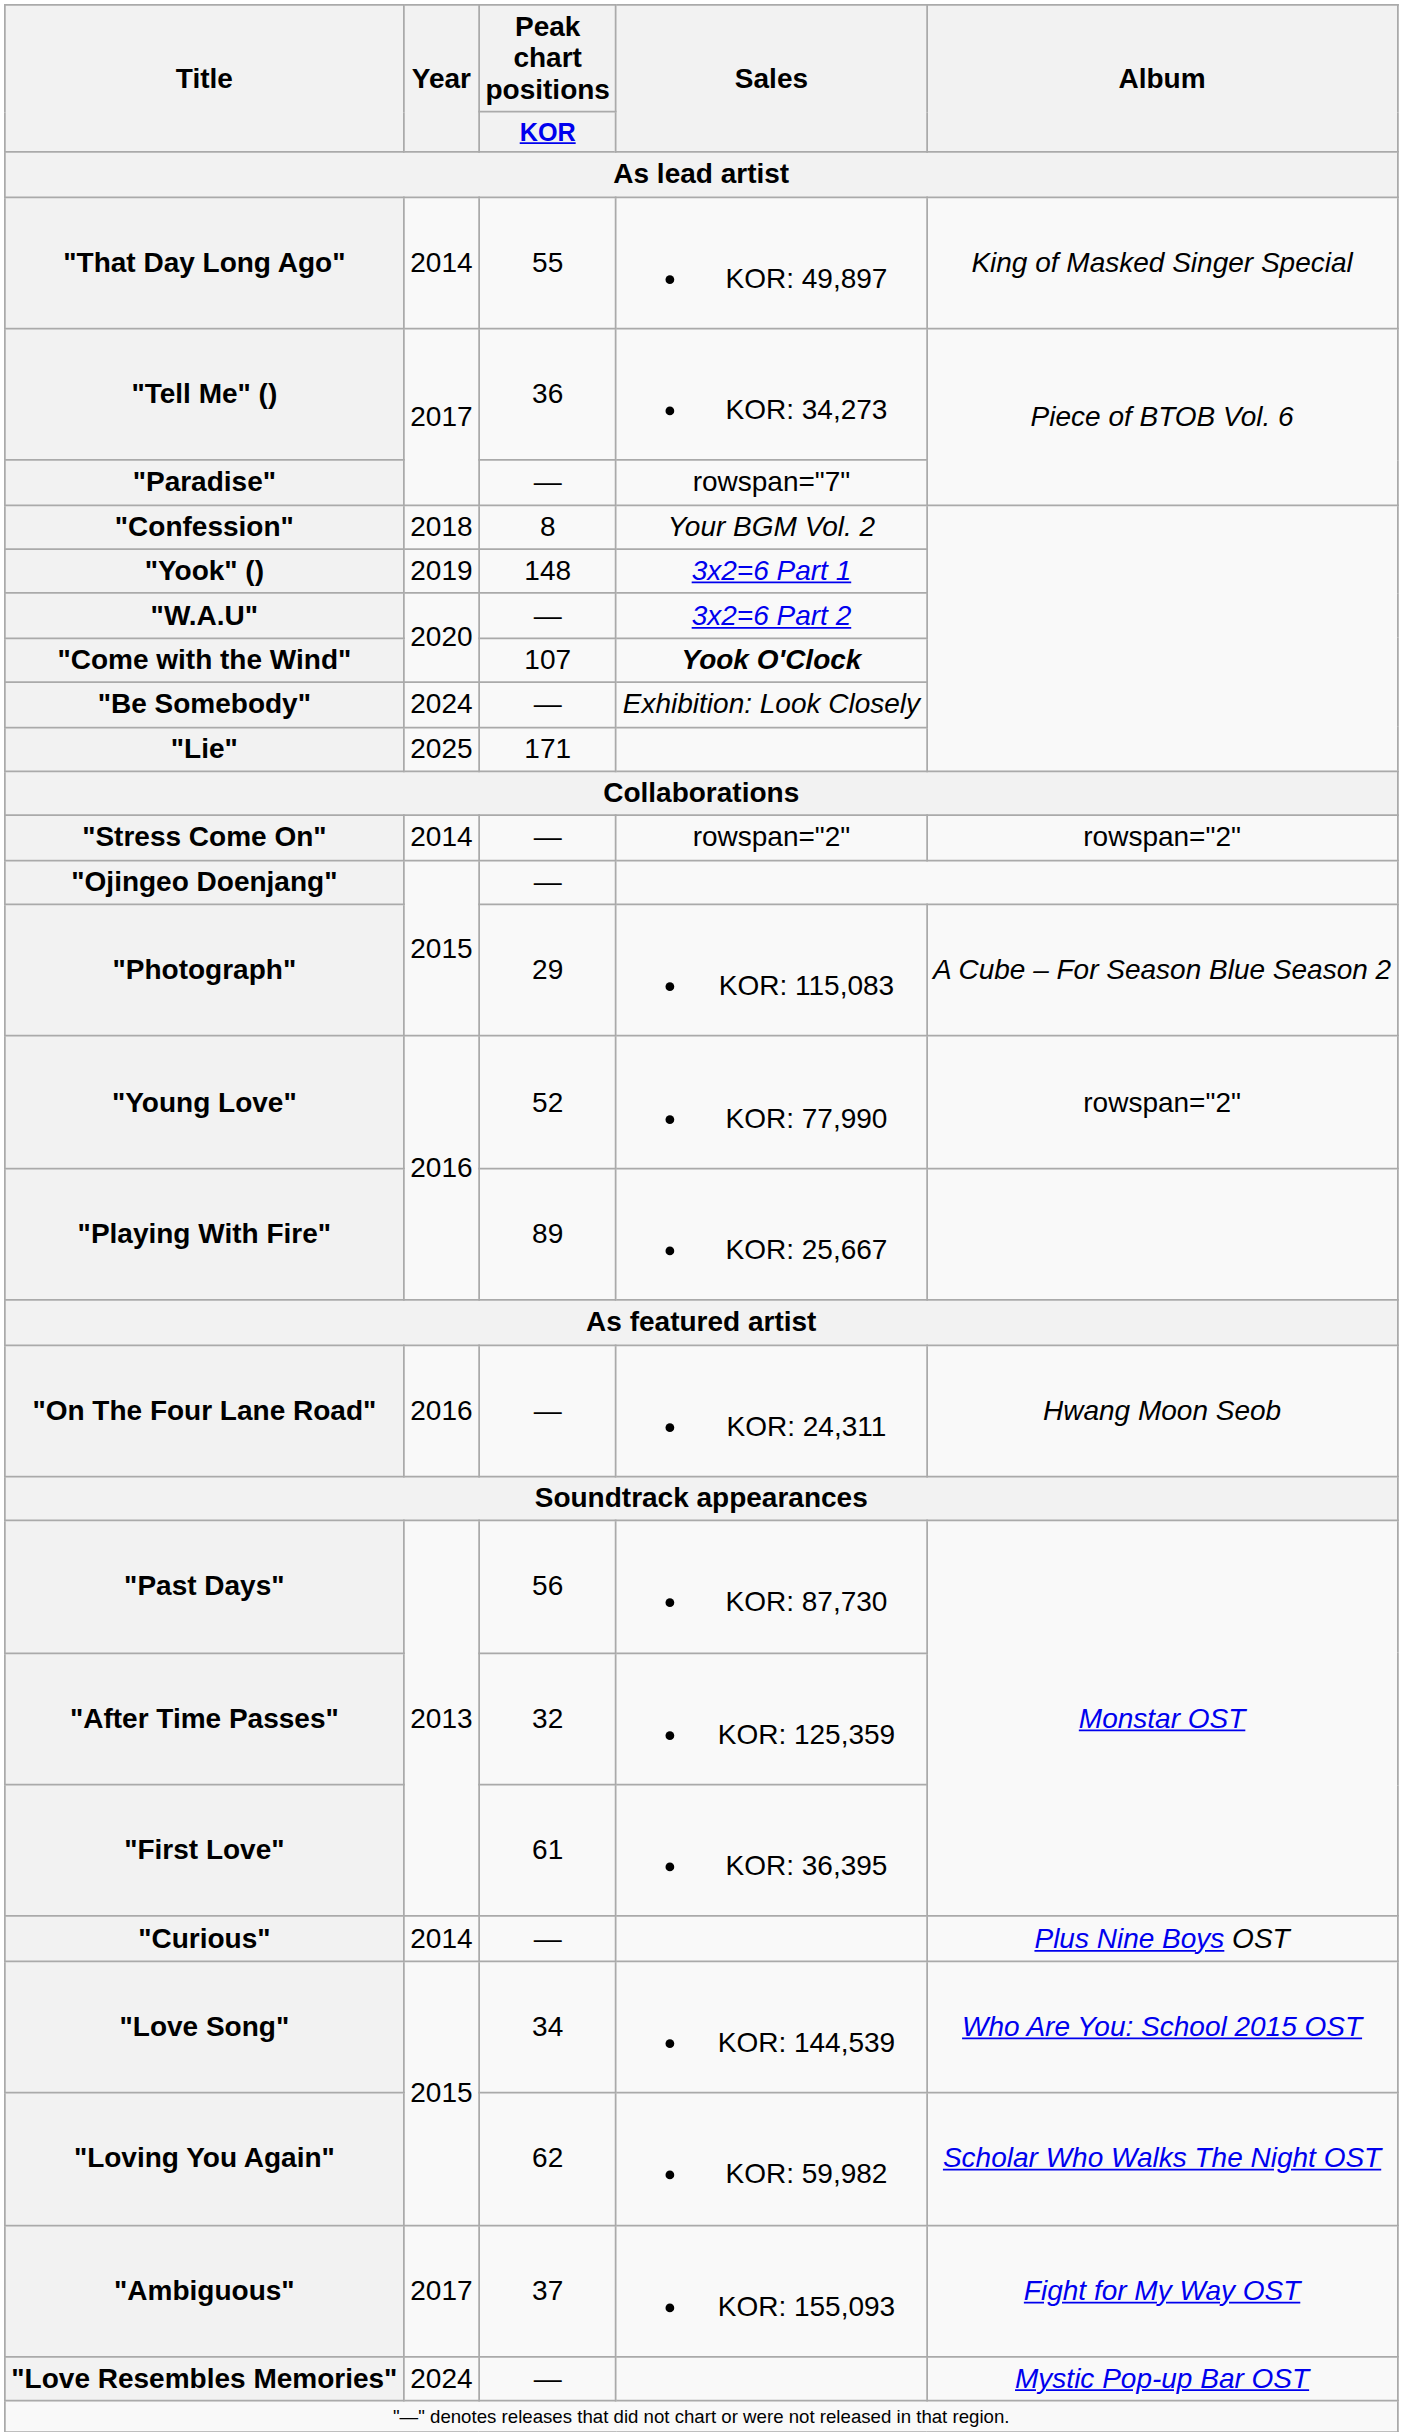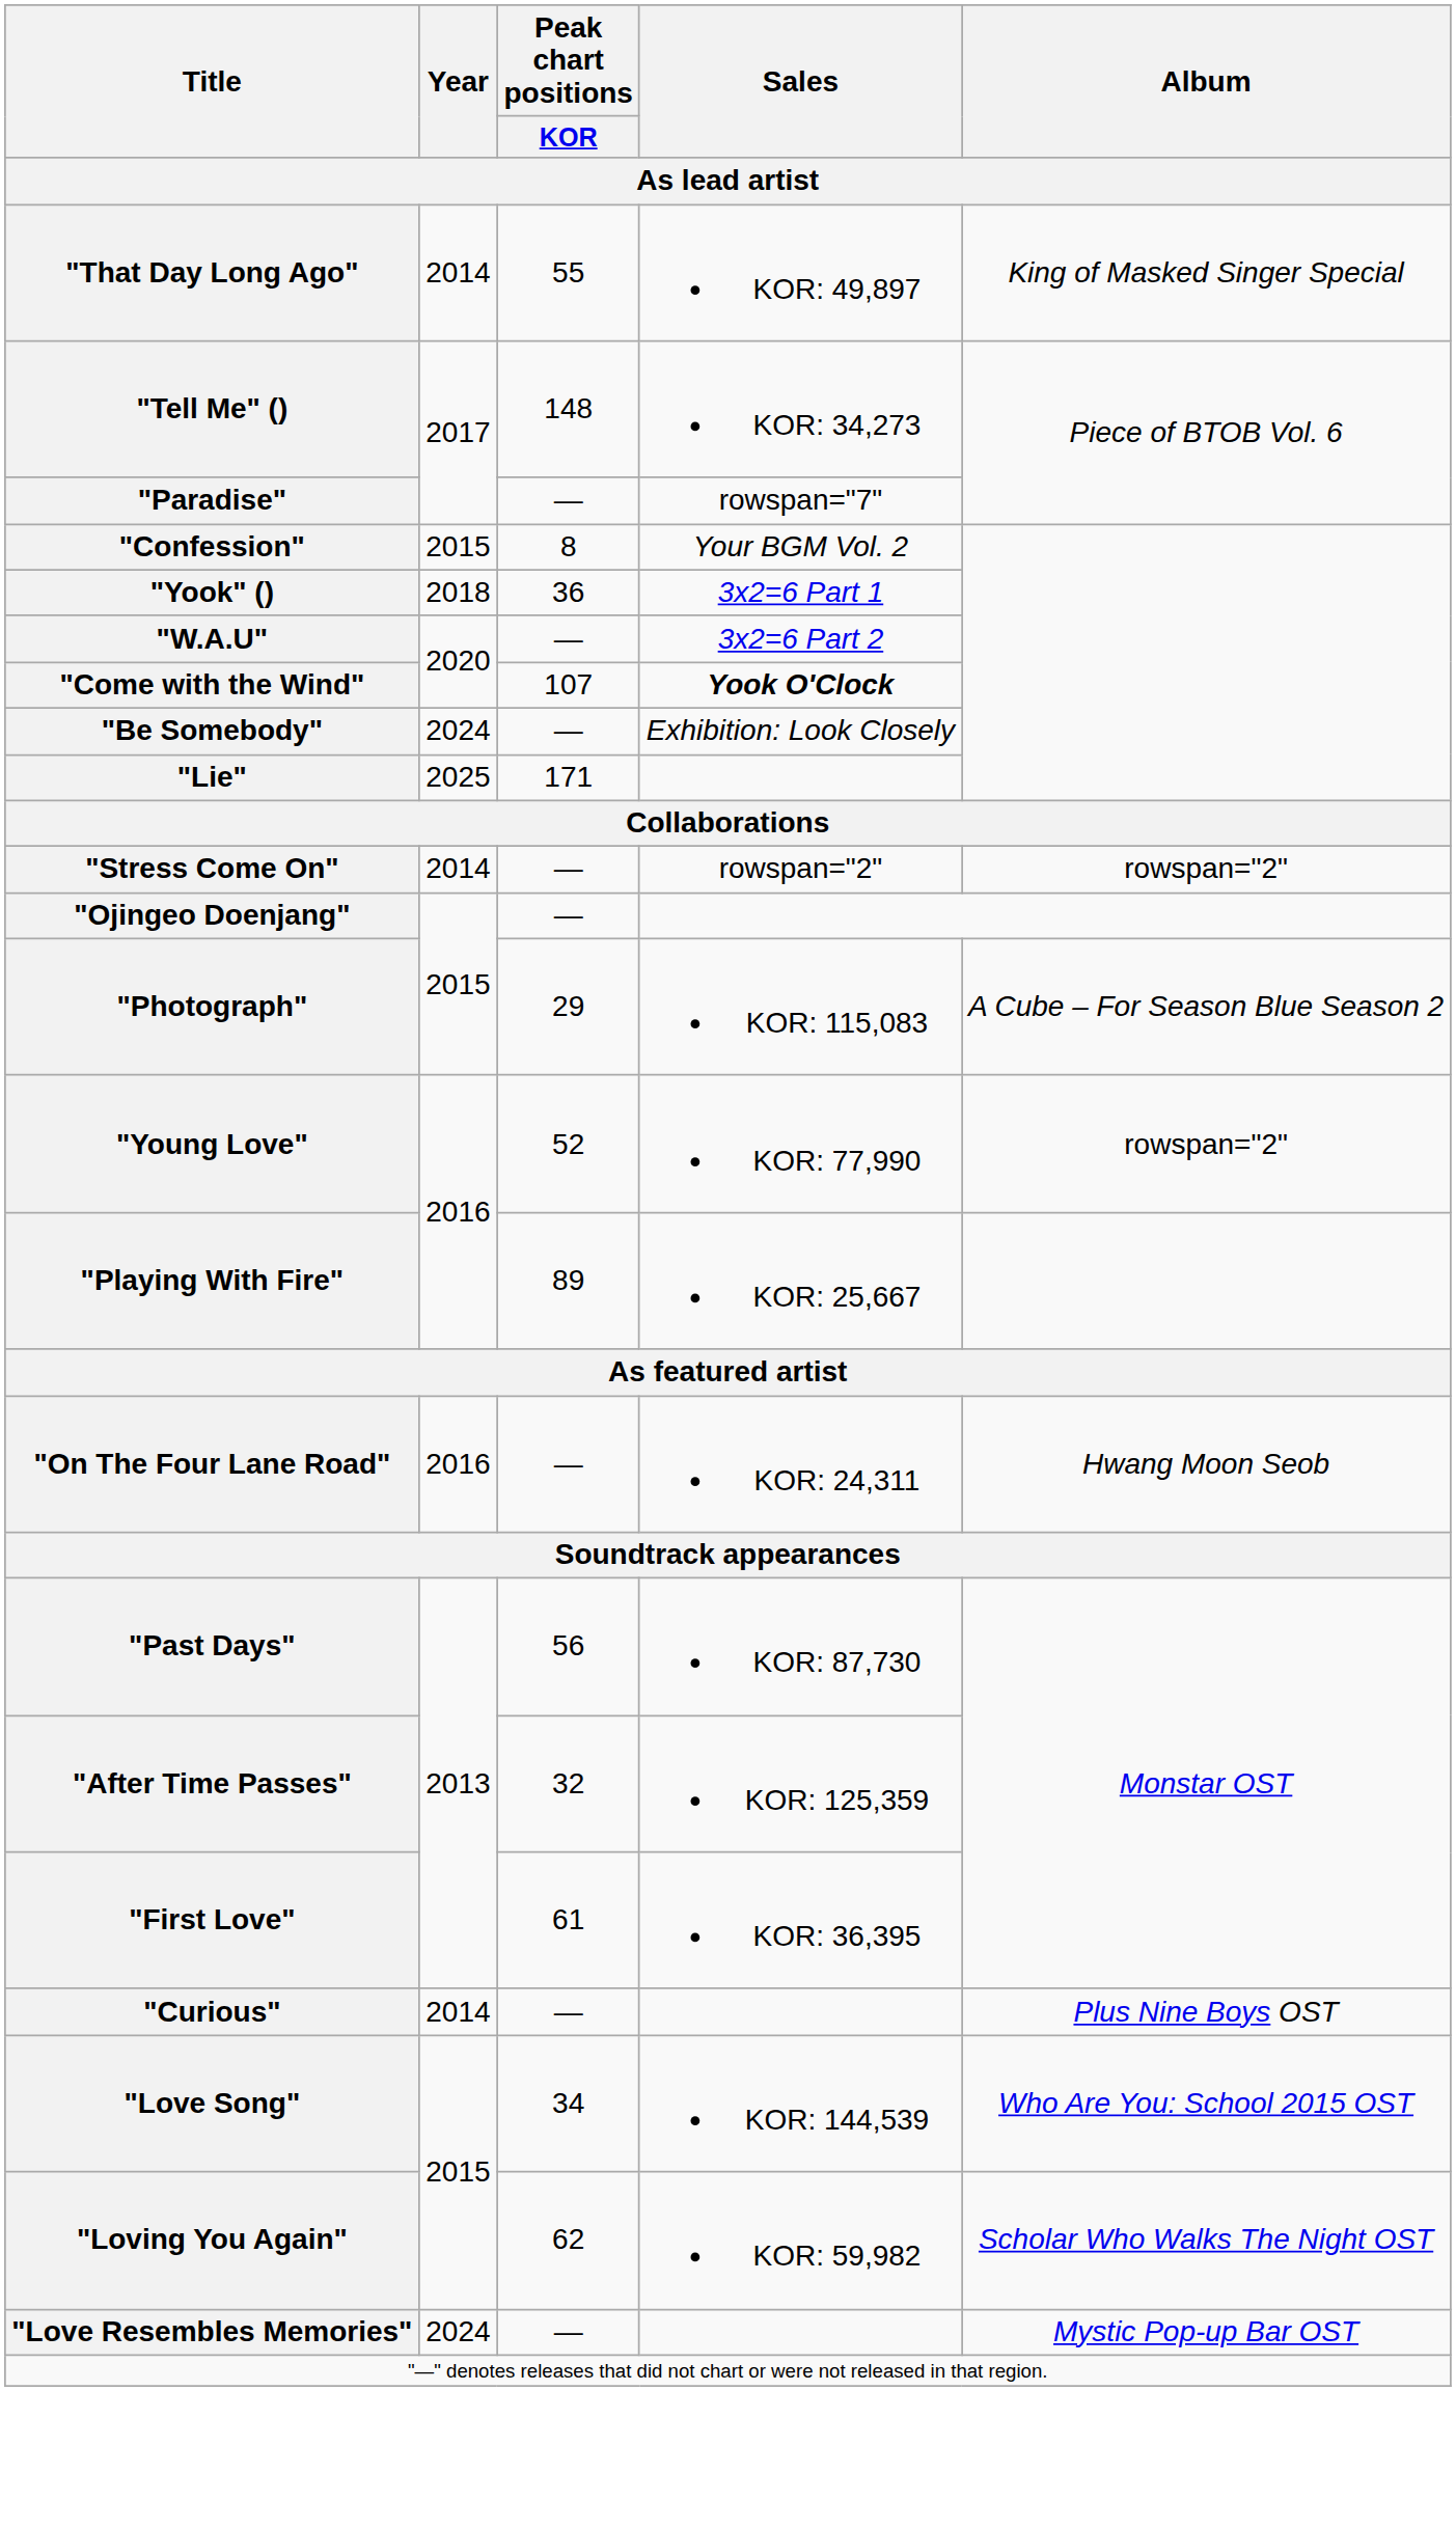 <table class="wikitable plainrowheaders" style="text-align:center" border="1">
 <tr>
 <th scope="col" rowspan="2">Title</th>
 <th scope="col" rowspan="2">Year</th>
 <th scope="col" colspan="1">Peak chart positions</th>
 <th scope="col" rowspan="2">Sales</th>
 <th scope="col" rowspan="2">Album</th>
 </tr>
 <tr>
 <th scope="col" style="width:3em;font-size:90%"><a href='#'>KOR</a><br></th>
 </tr>
 <tr>
 <th colspan="5">As lead artist</th>
 </tr>
 <tr>
 <th scope="row">"That Day Long Ago"</th>
 <td>2014</td>
 <td>55</td>
 <td><br><ul><li>KOR: 49,897</li></ul></td>
 <td><em>King of Masked Singer Special</em></td>
 </tr>
 <tr>
 <th scope="row">"Tell Me" ()</th>
 <td rowspan="2">2017</td>
-<td>36</td>
+<td>148</td>
 <td><br><ul><li>KOR: 34,273</li></ul></td>
 <td rowspan="2"><em>Piece of BTOB Vol. 6</em></td>
 </tr>
 <tr>
 <th scope="row">"Paradise"</th>
 <td>—</td>
 <td>rowspan="7" </td>
 </tr>
 <tr>
 <th scope="row">"Confession"</th>
-<td>2018</td>
+<td>2015</td>
 <td>8</td>
 <td><em>Your BGM Vol. 2</em></td>
 </tr>
 <tr>
 <th scope="row">"Yook" ()</th>
-<td>2019</td>
-<td>148</td>
+<td>2018</td>
+<td>36</td>
 <td><em><a href='#'>3x2=6 Part 1</a></em></td>
 </tr>
 <tr>
 <th scope="row">"W.A.U" </th>
 <td rowspan="2">2020</td>
 <td>—</td>
 <td><em><a href='#'>3x2=6 Part 2</a></em></td>
 </tr>
 <tr>
 <th scope="row">"Come with the Wind" </th>
 <td>107</td>
 <td><strong><em>Yook O'Clock</em></strong></td>
 </tr>
 <tr>
 <th scope="row">"Be Somebody"</th>
 <td>2024</td>
 <td>—</td>
 <td><em>Exhibition: Look Closely</em></td>
 </tr>
 <tr>
 <th scope="row">"Lie" </th>
 <td>2025</td>
 <td>171</td>
 <td></td>
 </tr>
 <tr>
 <th colspan="5">Collaborations</th>
 </tr>
 <tr>
 <th scope="row">"Stress Come On" </th>
 <td>2014</td>
 <td>—</td>
 <td>rowspan="2" </td>
 <td>rowspan="2" </td>
 </tr>
 <tr>
 <th scope="row">"Ojingeo Doenjang" </th>
 <td rowspan="2">2015</td>
 <td>—</td>
 </tr>
 <tr>
 <th scope="row">"Photograph" </th>
 <td>29</td>
 <td><br><ul><li>KOR: 115,083</li></ul></td>
 <td><em>A Cube – For Season Blue Season 2</em></td>
 </tr>
 <tr>
 <th scope="row">"Young Love" </th>
 <td rowspan="2">2016</td>
 <td>52</td>
 <td><br><ul><li>KOR: 77,990</li></ul></td>
 <td>rowspan="2" </td>
 </tr>
 <tr>
 <th scope="row">"Playing With Fire" </th>
 <td>89</td>
 <td><br><ul><li>KOR: 25,667</li></ul></td>
 </tr>
 <tr>
 <th colspan="5">As featured artist</th>
 </tr>
 <tr>
 <th scope="row">"On The Four Lane Road" </th>
 <td>2016</td>
 <td>—</td>
 <td><br><ul><li>KOR: 24,311</li></ul></td>
 <td><em>Hwang Moon Seob</em></td>
 </tr>
 <tr>
 <th colspan="5">Soundtrack appearances</th>
 </tr>
 <tr>
 <th scope="row">"Past Days"  </th>
 <td rowspan="3">2013</td>
 <td>56</td>
 <td><br><ul><li>KOR: 87,730</li></ul></td>
 <td rowspan="3"><a href='#'><em>Monstar OST</em></a></td>
 </tr>
 <tr>
 <th scope="row">"After Time Passes" </th>
 <td>32</td>
 <td><br><ul><li>KOR: 125,359</li></ul></td>
 </tr>
 <tr>
 <th scope="row">"First Love" </th>
 <td>61</td>
 <td><br><ul><li>KOR: 36,395</li></ul></td>
 </tr>
 <tr>
 <th scope="row">"Curious"  </th>
 <td>2014</td>
 <td>—</td>
 <td></td>
 <td><em><a href='#'>Plus Nine Boys</a></em> <em>OST</em></td>
 </tr>
 <tr>
 <th scope="row">"Love Song" </th>
 <td rowspan="2">2015</td>
 <td>34</td>
 <td><br><ul><li>KOR: 144,539</li></ul></td>
 <td><a href='#'><em>Who Are You: School 2015 OST</em></a></td>
 </tr>
 <tr>
 <th scope="row">"Loving You Again"</th>
 <td>62</td>
 <td><br><ul><li>KOR: 59,982</li></ul></td>
 <td><a href='#'><em>Scholar Who Walks The Night OST</em></a></td>
 </tr>
 <tr>
-<th scope="row">"Ambiguous" </th>
-<td>2017</td>
-<td>37</td>
-<td><br><ul><li>KOR: 155,093</li></ul></td>
-<td><a href='#'><em>Fight for My Way OST</em></a></td>
-</tr>
-<tr>
 <th scope="row">"Love Resembles Memories" </th>
 <td>2024</td>
 <td>—</td>
 <td></td>
 <td><a href='#'><em>Mystic Pop-up Bar OST</em></a></td>
 </tr>
 <tr>
 <td colspan="5" style="font-size:8pt">"—" denotes releases that did not chart or were not released in that region.</td>
 </tr>
 </table>
